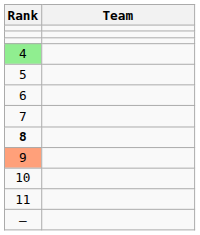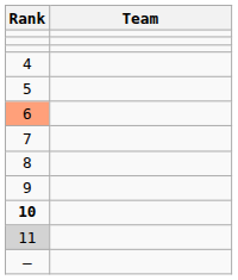 <table class="wikitable">
 <tr>
 <th>Rank</th>
 <th width=150>Team</th>
 </tr>
 <tr>
 <td align=center></td>
 <td></td>
 </tr>
 <tr>
 <td align=center></td>
 <td></td>
 </tr>
 <tr>
 <td align=center></td>
 <td></td>
 </tr>
 <tr>
-<td align=center style="background: lightgreen;">4</td>
+<td align=center>4</td>
 <td></td>
 </tr>
 <tr>
 <td align=center>5</td>
 <td></td>
 </tr>
 <tr>
-<td align=center>6</td>
+<td align=center style="background: lightsalmon;">6</td>
 <td></td>
 </tr>
 <tr>
 <td align=center>7</td>
 <td></td>
 </tr>
 <tr>
-<td align=center><strong>8</strong></td>
+<td align=center>8</td>
 <td></td>
 </tr>
 <tr>
-<td align=center style="background: lightsalmon;">9</td>
+<td align=center>9</td>
 <td></td>
 </tr>
 <tr>
-<td align=center>10</td>
+<td align=center><strong>10</strong></td>
 <td></td>
 </tr>
 <tr>
-<td align=center>11</td>
+<td align=center style="background: lightgrey;">11</td>
 <td></td>
 </tr>
 <tr>
 <td align=center>–</td>
 <td></td>
 </tr>
 </table>
